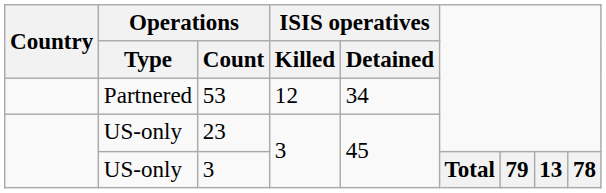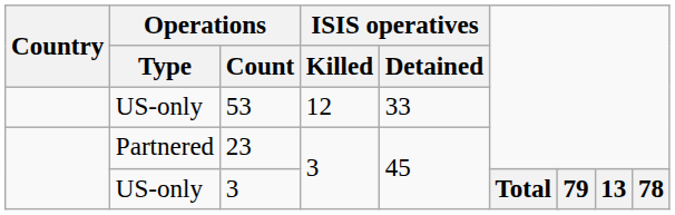 <table class="wikitable" style="display: inline-table;">
 <tr>
 <th rowspan="2">Country</th>
 <th colspan="2">Operations</th>
 <th colspan="2">ISIS operatives</th>
 </tr>
 <tr>
 <th>Type</th>
 <th>Count</th>
 <th>Killed</th>
 <th>Detained</th>
 </tr>
 <tr>
 <td></td>
-<td>Partnered</td>
+<td>US-only</td>
 <td>53</td>
 <td>12</td>
-<td>34</td>
+<td>33</td>
 </tr>
 <tr>
 <td rowspan="2"></td>
-<td>US-only</td>
+<td>Partnered</td>
 <td>23</td>
 <td rowspan="2">3</td>
 <td rowspan="2">45</td>
 </tr>
 <tr>
 <td>US-only</td>
 <td>3</td>
 <th colspan="2">Total</th>
 <th>79</th>
 <th>13</th>
 <th>78</th>
 </tr>
 </table>
